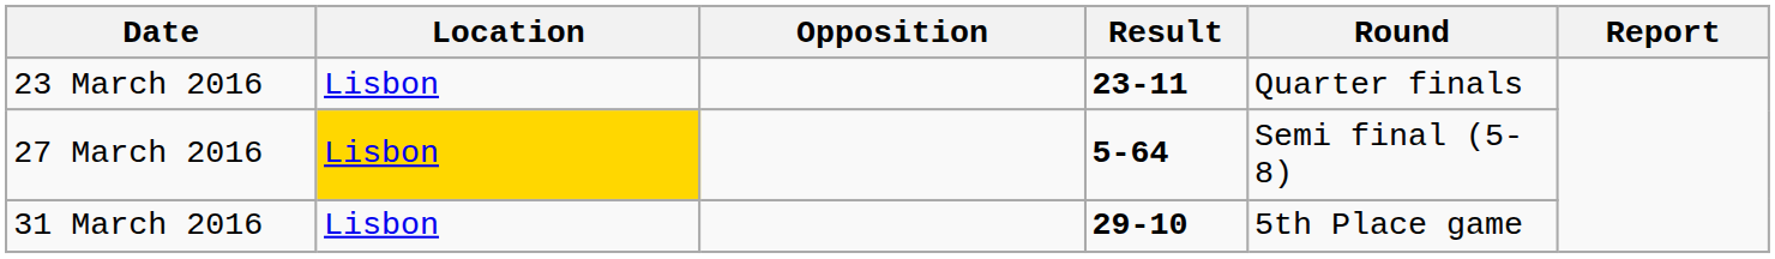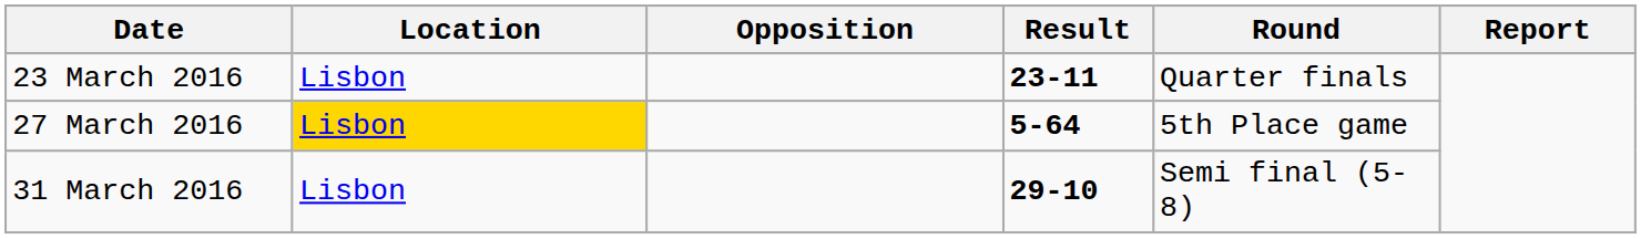 <table class="wikitable">
 <tr style="text-align:left;">
 <th width="120">Date</th>
 <th width="150">Location</th>
 <th width="150">Opposition</th>
 <th width="60">Result</th>
 <th width="120">Round</th>
 <th width="80">Report</th>
 </tr>
 <tr>
 <td>23 March 2016</td>
 <td><a href='#'>Lisbon</a></td>
 <td></td>
 <td><strong>23-11</strong></td>
 <td>Quarter finals</td>
 </tr>
 <tr>
 <td>27 March 2016</td>
 <td style="background: gold;"><a href='#'>Lisbon</a></td>
 <td></td>
 <td><strong>5-64</strong></td>
-<td>Semi final (5-8)</td>
+<td>5th Place game</td>
 </tr>
 <tr>
 <td>31 March 2016</td>
 <td><a href='#'>Lisbon</a></td>
 <td></td>
 <td><strong>29-10</strong></td>
-<td>5th Place game</td>
+<td>Semi final (5-8)</td>
 </tr>
 </table>
